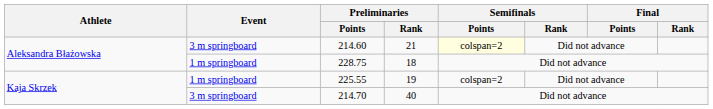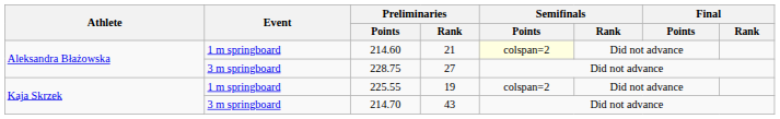 <table class="wikitable" style="text-align:center; font-size:90%; width:50%;">
 <tr>
 <th rowspan=2>Athlete</th>
 <th rowspan=2>Event</th>
 <th colspan=2>Preliminaries</th>
 <th colspan=2>Semifinals</th>
 <th colspan=2>Final</th>
 </tr>
 <tr style="font-size:95%">
 <th>Points</th>
 <th>Rank</th>
 <th>Points</th>
 <th>Rank</th>
 <th>Points</th>
 <th>Rank</th>
 </tr>
 <tr>
 <td align=left rowspan=2><a href='#'>Aleksandra Błażowska</a></td>
-<td align=left><a href='#'>3 m springboard</a></td>
+<td align=left><a href='#'>1 m springboard</a></td>
 <td>214.60</td>
 <td>21</td>
 <td style="background: lightyellow;">colspan=2 </td>
 <td colspan=2>Did not advance</td>
 </tr>
 <tr>
-<td align=left><a href='#'>1 m springboard</a></td>
+<td align=left><a href='#'>3 m springboard</a></td>
 <td>228.75</td>
-<td>18</td>
+<td>27</td>
 <td colspan=4>Did not advance</td>
 </tr>
 <tr>
 <td align=left rowspan=2><a href='#'>Kaja Skrzek</a></td>
 <td align=left><a href='#'>1 m springboard</a></td>
 <td>225.55</td>
 <td>19</td>
 <td>colspan=2 </td>
 <td colspan=2>Did not advance</td>
 </tr>
 <tr>
 <td align=left><a href='#'>3 m springboard</a></td>
 <td>214.70</td>
-<td>40</td>
+<td>43</td>
 <td colspan=4>Did not advance</td>
 </tr>
 </table>
